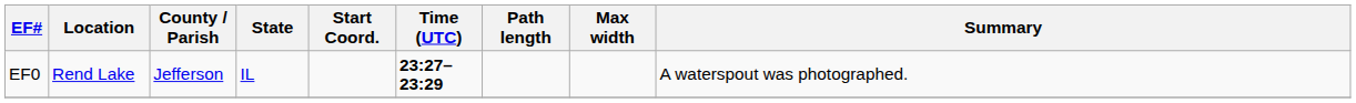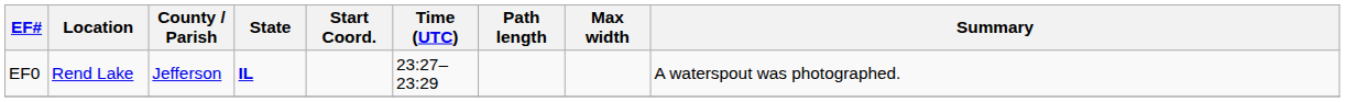 <table class="wikitable sortable" style="width:100%;">
 <tr>
 <th scope="col"  style="width:3%; text-align:center;"><a href='#'>EF#</a></th>
 <th scope="col"  style="width:7%; text-align:center;" class="unsortable">Location</th>
 <th scope="col"  style="width:6%; text-align:center;" class="unsortable">County / Parish</th>
 <th scope="col"  style="width:5%; text-align:center;">State</th>
 <th scope="col"  style="width:6%; text-align:center;">Start Coord.</th>
 <th scope="col"  style="width:6%; text-align:center;">Time (<a href='#'>UTC</a>)</th>
 <th scope="col"  style="width:6%; text-align:center;">Path length</th>
 <th scope="col"  style="width:6%; text-align:center;">Max width</th>
 <th scope="col" class="unsortable" style="width:48%; text-align:center;">Summary</th>
 </tr>
 <tr>
 <td>EF0</td>
 <td><a href='#'>Rend Lake</a></td>
 <td><a href='#'>Jefferson</a></td>
-<td><a href='#'>IL</a></td>
+<td><strong><a href='#'>IL</a></strong></td>
 <td></td>
-<td><strong>23:27–23:29</strong></td>
+<td>23:27–23:29</td>
 <td></td>
 <td></td>
 <td>A waterspout was photographed.</td>
 </tr>
 <tr>
 </tr>
 </table>
